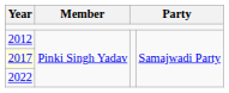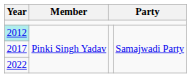 <table class="wikitable">
 <tr>
 <th>Year</th>
 <th>Member</th>
 <th colspan=2>Party</th>
 </tr>
 <tr>
 <td colspan="4"></td>
 </tr>
 <tr>
-<td><a href='#'>2012</a></td>
+<td style="background: paleturquoise;"><a href='#'>2012</a></td>
 <td rowspan="3"><a href='#'>Pinki Singh Yadav</a></td>
 <td rowspan="3" style="background-color: "></td>
 <td rowspan="3"><a href='#'>Samajwadi Party</a></td>
 </tr>
 <tr>
-<td style="background: lightyellow;"><a href='#'>2017</a></td>
+<td><a href='#'>2017</a></td>
 </tr>
 <tr>
 <td><a href='#'>2022</a></td>
 </tr>
 </table>
